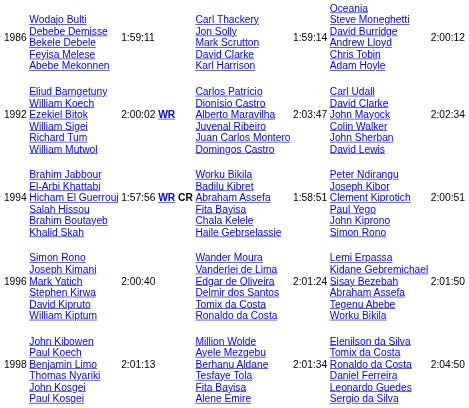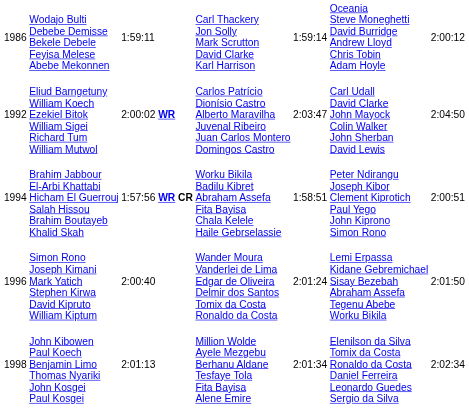 <table>
 <tr>
 <td>1986</td>
 <td><br><a href='#'>Wodajo Bulti</a><br><a href='#'>Debebe Demisse</a><br><a href='#'>Bekele Debele</a><br><a href='#'>Feyisa Melese</a><br><a href='#'>Abebe Mekonnen</a></td>
 <td>1:59:11</td>
 <td><br><a href='#'>Carl Thackery</a><br><a href='#'>Jon Solly</a><br><a href='#'>Mark Scrutton</a><br><a href='#'>David Clarke</a><br><a href='#'>Karl Harrison</a><br></td>
 <td>1:59:14</td>
 <td><a href='#'>Oceania</a><br><a href='#'>Steve Moneghetti</a><br><a href='#'>David Burridge</a><br><a href='#'>Andrew Lloyd</a><br><a href='#'>Chris Tobin</a><br><a href='#'>Adam Hoyle</a></td>
 <td>2:00:12</td>
 </tr>
 <tr>
 <td>1992</td>
 <td><br><a href='#'>Eliud Barngetuny</a><br><a href='#'>William Koech</a><br><a href='#'>Ezekiel Bitok</a><br><a href='#'>William Sigei</a><br><a href='#'>Richard Tum</a><br><a href='#'>William Mutwol</a></td>
 <td>2:00:02 <strong><a href='#'>WR</a></strong></td>
 <td><br><a href='#'>Carlos Patrício</a><br><a href='#'>Dionísio Castro</a><br><a href='#'>Alberto Maravilha</a><br><a href='#'>Juvenal Ribeiro</a><br><a href='#'>Juan Carlos Montero</a><br><a href='#'>Domingos Castro</a></td>
 <td>2:03:47</td>
 <td><br><a href='#'>Carl Udall</a><br><a href='#'>David Clarke</a><br><a href='#'>John Mayock</a><br><a href='#'>Colin Walker</a><br><a href='#'>John Sherban</a><br><a href='#'>David Lewis</a></td>
-<td>2:02:34</td>
+<td>2:04:50</td>
 </tr>
 <tr>
 <td>1994</td>
 <td><br><a href='#'>Brahim Jabbour</a><br><a href='#'>El-Arbi Khattabi</a><br><a href='#'>Hicham El Guerrouj</a><br><a href='#'>Salah Hissou</a><br><a href='#'>Brahim Boutayeb</a><br><a href='#'>Khalid Skah</a></td>
 <td>1:57:56 <strong><a href='#'>WR</a> CR</strong></td>
 <td><br><a href='#'>Worku Bikila</a><br><a href='#'>Badilu Kibret</a><br><a href='#'>Abraham Assefa</a><br><a href='#'>Fita Bayisa</a><br><a href='#'>Chala Kelele</a><br><a href='#'>Haile Gebrselassie</a></td>
 <td>1:58:51</td>
 <td><br><a href='#'>Peter Ndirangu</a><br><a href='#'>Joseph Kibor</a><br><a href='#'>Clement Kiprotich</a><br><a href='#'>Paul Yego</a><br><a href='#'>John Kiprono</a><br><a href='#'>Simon Rono</a></td>
 <td>2:00:51</td>
 </tr>
 <tr>
 <td>1996</td>
 <td><br><a href='#'>Simon Rono</a><br><a href='#'>Joseph Kimani</a><br><a href='#'>Mark Yatich</a><br><a href='#'>Stephen Kirwa</a><br><a href='#'>David Kipruto</a><br><a href='#'>William Kiptum</a></td>
 <td>2:00:40</td>
 <td><br><a href='#'>Wander Moura</a><br><a href='#'>Vanderlei de Lima</a><br><a href='#'>Edgar de Oliveira</a><br><a href='#'>Delmir dos Santos</a><br><a href='#'>Tomix da Costa</a><br><a href='#'>Ronaldo da Costa</a></td>
 <td>2:01:24</td>
 <td><br><a href='#'>Lemi Erpassa</a><br><a href='#'>Kidane Gebremichael</a><br><a href='#'>Sisay Bezebah</a><br><a href='#'>Abraham Assefa</a><br><a href='#'>Tegenu Abebe</a><br><a href='#'>Worku Bikila</a></td>
 <td>2:01:50</td>
 </tr>
 <tr>
 <td>1998</td>
 <td><br><a href='#'>John Kibowen</a><br><a href='#'>Paul Koech</a><br><a href='#'>Benjamin Limo</a><br><a href='#'>Thomas Nyariki</a><br><a href='#'>John Kosgei</a><br><a href='#'>Paul Kosgei</a></td>
 <td>2:01:13</td>
 <td><br><a href='#'>Million Wolde</a><br><a href='#'>Ayele Mezgebu</a><br><a href='#'>Berhanu Aldane</a><br><a href='#'>Tesfaye Tola</a><br><a href='#'>Fita Bayisa</a><br><a href='#'>Alene Emire</a></td>
 <td>2:01:34</td>
 <td><br><a href='#'>Elenilson da Silva</a><br><a href='#'>Tomix da Costa</a><br><a href='#'>Ronaldo da Costa</a><br><a href='#'>Daniel Ferreira</a><br><a href='#'>Leonardo Guedes</a><br><a href='#'>Sergio da Silva</a></td>
-<td>2:04:50</td>
+<td>2:02:34</td>
 </tr>
 <tr>
 </tr>
 </table>
